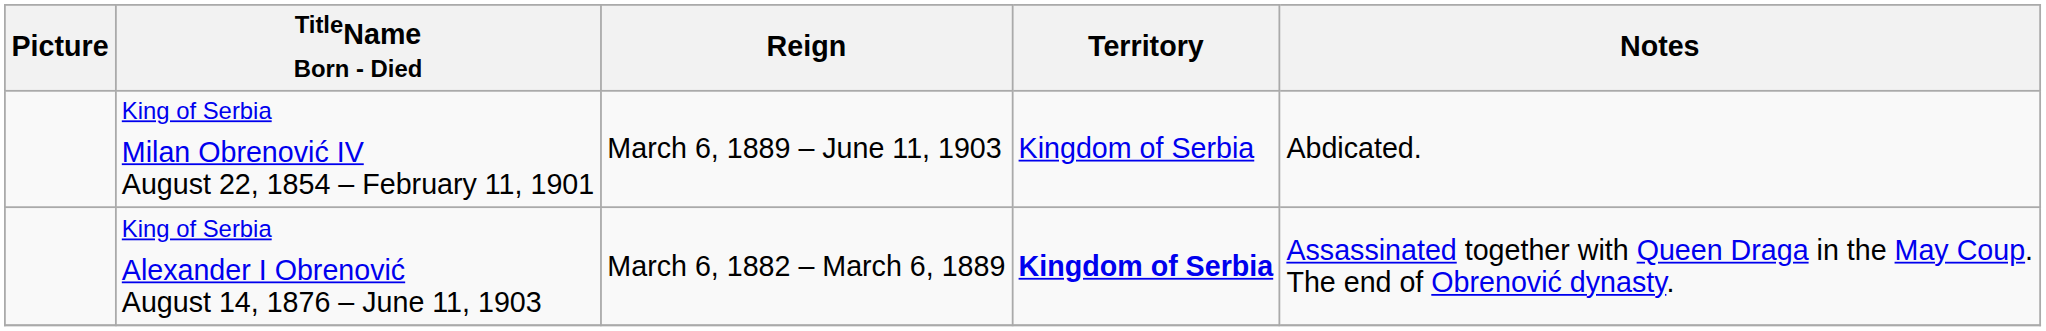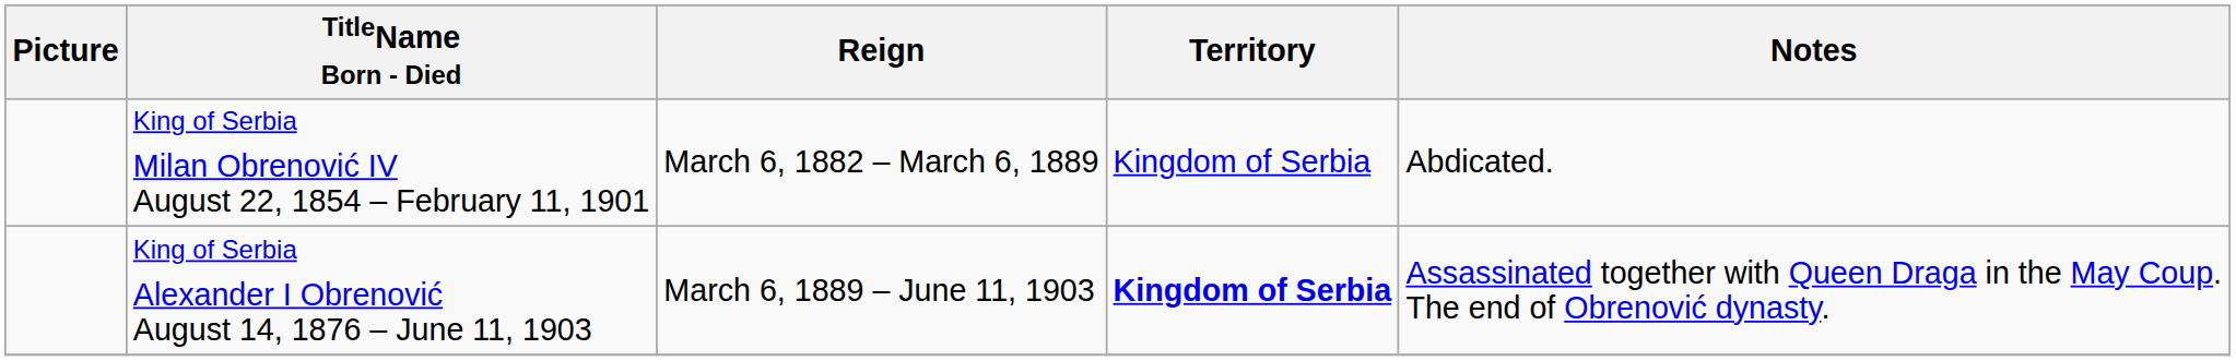 <table class="wikitable">
 <tr>
 <th>Picture</th>
 <th><sup>Title</sup>Name<br><small>Born - Died</small></th>
 <th>Reign</th>
 <th>Territory</th>
 <th>Notes</th>
 </tr>
 <tr ->
 <td></td>
 <td><sup><a href='#'>King of Serbia</a></sup><br> <a href='#'>Milan Obrenović IV</a><br> August 22, 1854 – February 11, 1901</td>
-<td>March 6, 1889 – June 11, 1903</td>
+<td>March 6, 1882 – March 6, 1889</td>
 <td><a href='#'>Kingdom of Serbia</a></td>
 <td>Abdicated.</td>
 </tr>
 <tr ->
 <td></td>
 <td><sup><a href='#'>King of Serbia</a></sup><br> <a href='#'>Alexander I Obrenović</a> <br> August 14, 1876 – June 11, 1903</td>
-<td>March 6, 1882 – March 6, 1889</td>
+<td>March 6, 1889 – June 11, 1903</td>
 <td><strong><a href='#'>Kingdom of Serbia</a></strong></td>
 <td><a href='#'>Assassinated</a> together with <a href='#'>Queen Draga</a> in the <a href='#'>May Coup</a>. <br> The end of <a href='#'>Obrenović dynasty</a>.</td>
 </tr>
 <tr ->
 </tr>
 </table>
